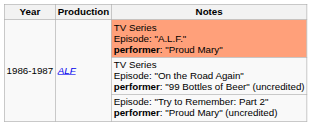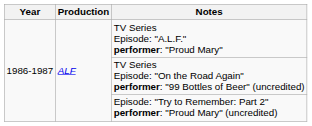 <table class="wikitable sortable">
 <tr>
 <th>Year</th>
 <th>Production</th>
 <th>Notes</th>
 </tr>
 <tr>
 <td rowspan="3">1986-1987</td>
 <td rowspan="3"><em><a href='#'>ALF</a></em></td>
-<td style="background: lightsalmon;">TV Series<br>Episode: "A.L.F."<br><strong>performer</strong>: "Proud Mary"</td>
+<td>TV Series<br>Episode: "A.L.F."<br><strong>performer</strong>: "Proud Mary"</td>
 </tr>
 <tr>
 <td>TV Series<br>Episode: "On the Road Again"<br><strong>performer</strong>: "99 Bottles of Beer" (uncredited)</td>
 </tr>
 <tr>
 <td>Episode: "Try to Remember: Part 2"<br><strong>performer</strong>: "Proud Mary" (uncredited)</td>
 </tr>
 </table>
